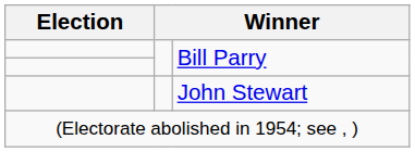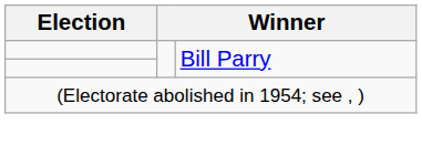 <table class="wikitable">
 <tr>
 <th width=100>Election</th>
 <th width=175 colspan=2>Winner</th>
 </tr>
 <tr>
 <td></td>
 <td rowspan=2 width=5 style="background-color:"></td>
 <td rowspan=2><a href='#'>Bill Parry</a></td>
 </tr>
 <tr>
 <td></td>
 </tr>
 <tr>
-<td></td>
-<td style="background-color: "></td>
-<td><a href='#'>John Stewart</a></td>
-</tr>
-<tr>
 <td colspan=3 align=center><small>(Electorate abolished in 1954; see , )</small></td>
 </tr>
 </table>
